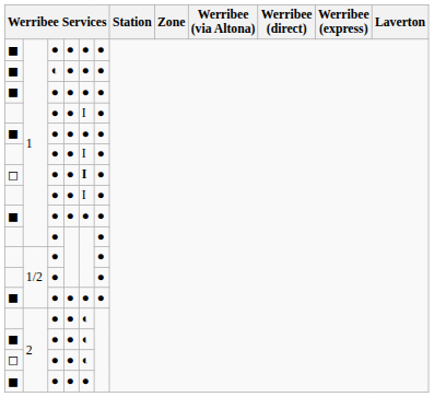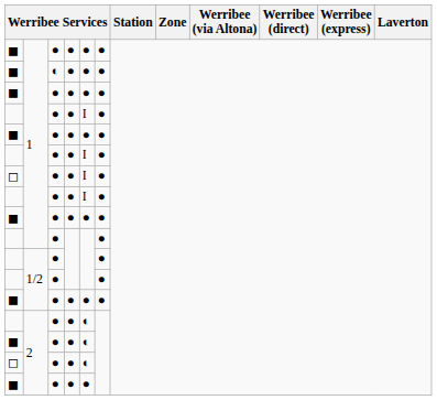 <table class="wikitable defaultcenter col1left">
 <tr>
 <th colspan="6" style="background:#"><span>Werribee Services</span></th>
 <th>Station</th>
 <th>Zone</th>
 <th>Werribee<br>(via Altona)</th>
 <th>Werribee<br>(direct)</th>
 <th>Werribee<br>(express)</th>
 <th>Laverton</th>
 </tr>
 <tr>
 <td>◼ </td>
 <td rowspan="10">1</td>
 <td>●</td>
 <td>●</td>
 <td>●</td>
 <td>●</td>
 </tr>
 <tr>
 <td>◼ </td>
 <td>◐</td>
 <td>●</td>
 <td>●</td>
 <td>●</td>
 </tr>
 <tr>
 <td>◼ </td>
 <td>●</td>
 <td>●</td>
 <td>●</td>
 <td>●</td>
 </tr>
 <tr>
 <td> </td>
 <td>●</td>
 <td>●</td>
 <td>I</td>
 <td>●</td>
 </tr>
 <tr>
 <td>◼ </td>
 <td>●</td>
 <td>●</td>
 <td>●</td>
 <td>●</td>
 </tr>
 <tr>
 <td> </td>
 <td>●</td>
 <td>●</td>
 <td>I</td>
 <td>●</td>
 </tr>
 <tr>
 <td>◻ </td>
 <td>●</td>
 <td>●</td>
-<td><strong>I</strong></td>
+<td>I</td>
 <td>●</td>
 </tr>
 <tr>
 <td> </td>
 <td>●</td>
 <td>●</td>
 <td>I</td>
 <td>●</td>
 </tr>
 <tr>
 <td>◼ </td>
 <td>●</td>
 <td>●</td>
 <td>●</td>
 <td>●</td>
 </tr>
 <tr>
 <td> </td>
 <td>●</td>
 <td rowspan="3"></td>
 <td rowspan="3"></td>
 <td>●</td>
 </tr>
 <tr>
 <td> </td>
 <td rowspan="3">1/2</td>
 <td>●</td>
 <td>●</td>
 </tr>
 <tr>
 <td> </td>
 <td>●</td>
 <td>●</td>
 </tr>
 <tr>
 <td>◼ </td>
 <td>●</td>
 <td>●</td>
 <td>●</td>
 <td>●</td>
 </tr>
 <tr>
 <td> </td>
 <td rowspan="4">2</td>
 <td>●</td>
 <td>●</td>
 <td>◐</td>
 <td rowspan="4"></td>
 </tr>
 <tr>
 <td>◼ </td>
 <td>●</td>
 <td>●</td>
 <td>◐</td>
 </tr>
 <tr>
 <td>◻ </td>
 <td>●</td>
 <td>●</td>
 <td>◐</td>
 </tr>
 <tr>
 <td>◼ </td>
 <td>●</td>
 <td>●</td>
 <td>●</td>
 </tr>
 </table>
